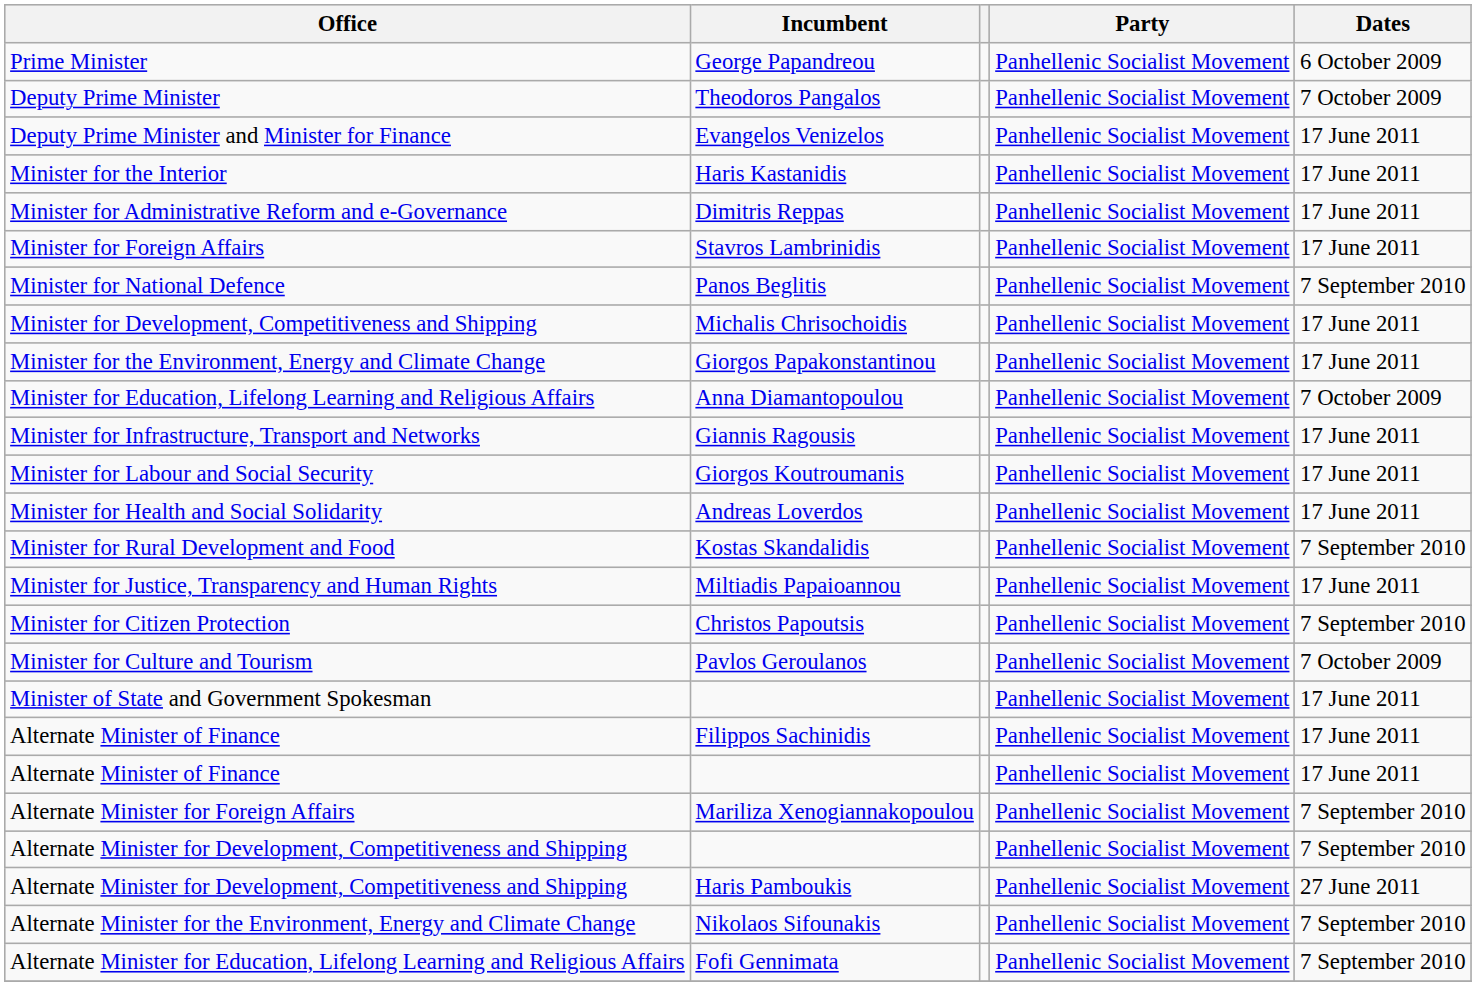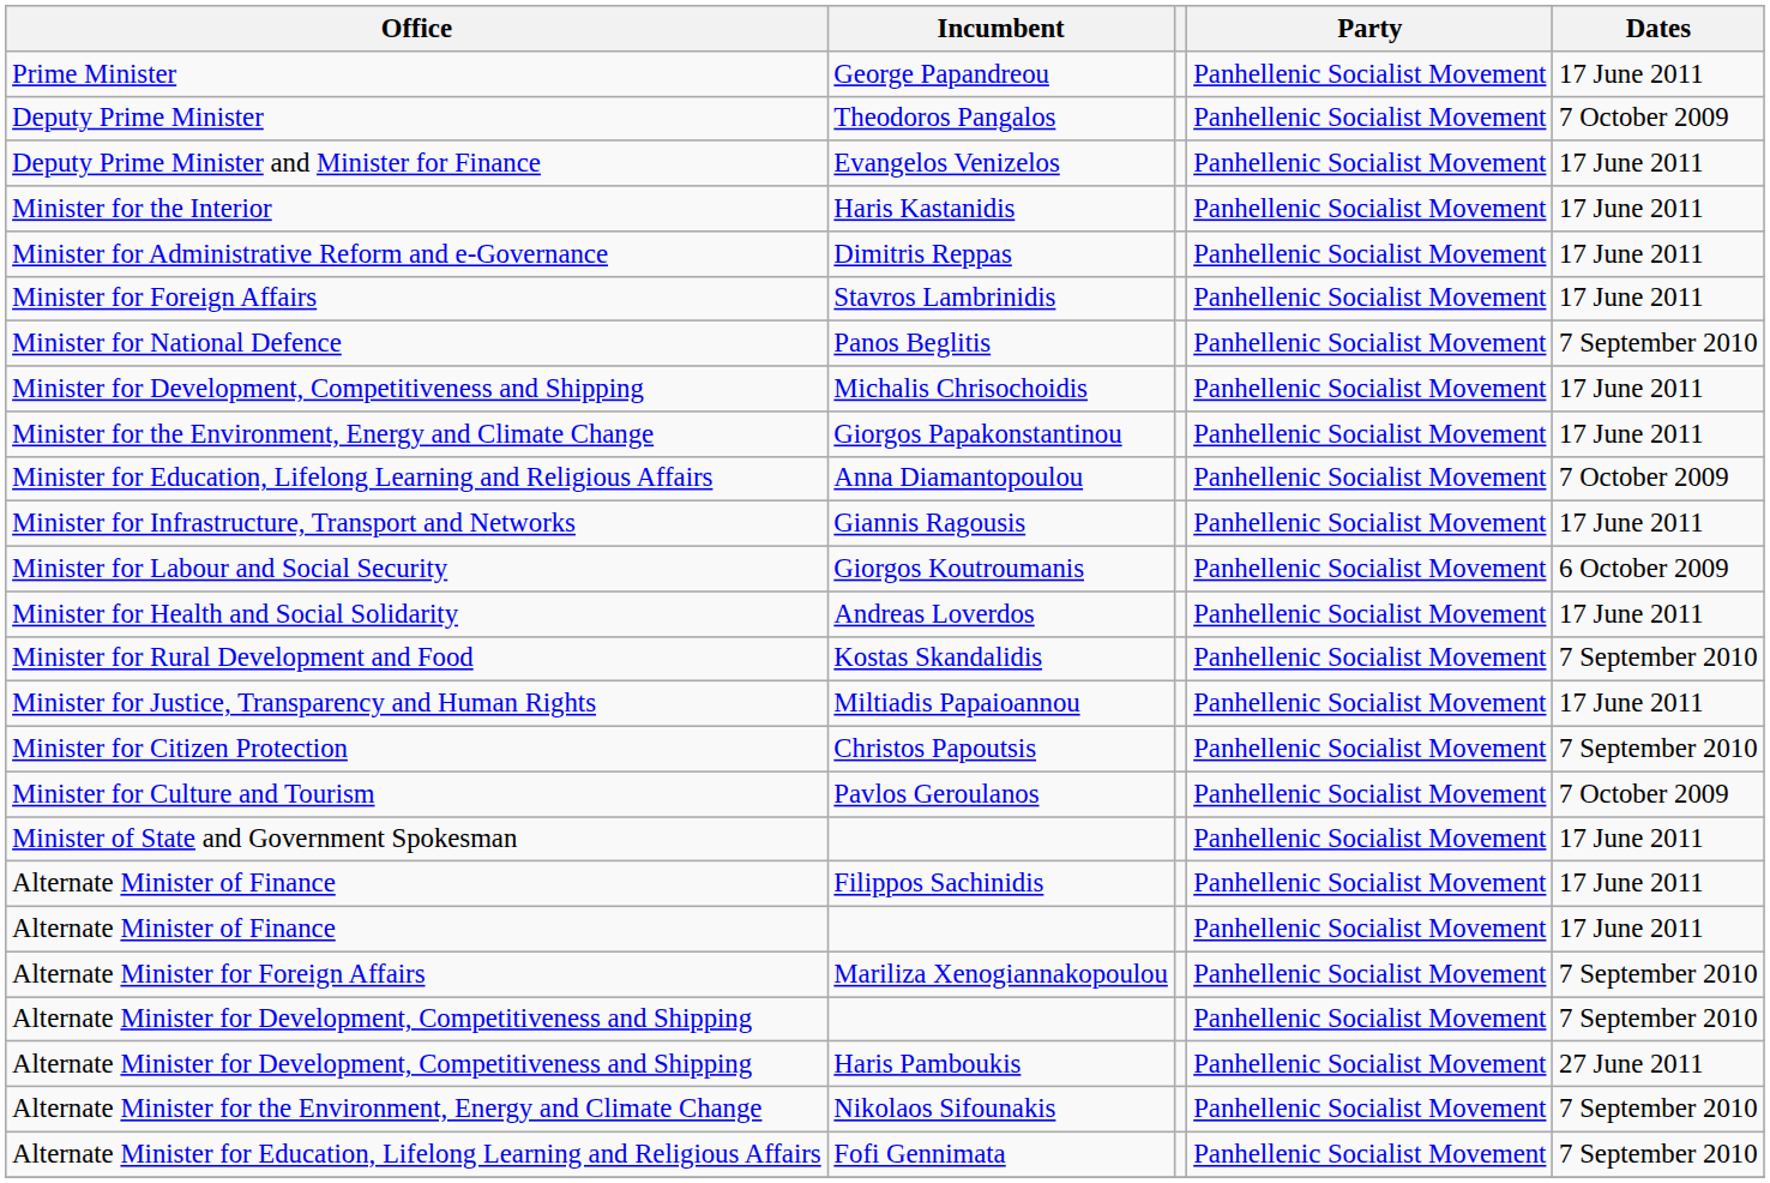 <table class="wikitable" style="font-size: 90%;">
 <tr>
 <th>Office</th>
 <th>Incumbent</th>
 <th></th>
 <th>Party</th>
 <th>Dates</th>
 </tr>
 <tr>
 <td><a href='#'>Prime Minister</a></td>
 <td><a href='#'>George Papandreou</a></td>
 <td style="background-color: "></td>
 <td><a href='#'>Panhellenic Socialist Movement</a></td>
-<td>6 October 2009</td>
+<td>17 June 2011</td>
 </tr>
 <tr>
 <td><a href='#'>Deputy Prime Minister</a></td>
 <td><a href='#'>Theodoros Pangalos</a></td>
 <td style="background-color: "></td>
 <td><a href='#'>Panhellenic Socialist Movement</a></td>
 <td>7 October 2009</td>
 </tr>
 <tr>
 <td><a href='#'>Deputy Prime Minister</a> and <a href='#'>Minister for Finance</a></td>
 <td><a href='#'>Evangelos Venizelos</a></td>
 <td style="background-color: "></td>
 <td><a href='#'>Panhellenic Socialist Movement</a></td>
 <td>17 June 2011</td>
 </tr>
 <tr>
 <td><a href='#'>Minister for the Interior</a></td>
 <td><a href='#'>Haris Kastanidis</a></td>
 <td style="background-color: "></td>
 <td><a href='#'>Panhellenic Socialist Movement</a></td>
 <td>17 June 2011</td>
 </tr>
 <tr>
 <td><a href='#'>Minister for Administrative Reform and e-Governance</a></td>
 <td><a href='#'>Dimitris Reppas</a></td>
 <td style="background-color: "></td>
 <td><a href='#'>Panhellenic Socialist Movement</a></td>
 <td>17 June 2011</td>
 </tr>
 <tr>
 <td><a href='#'>Minister for Foreign Affairs</a></td>
 <td><a href='#'>Stavros Lambrinidis</a></td>
 <td style="background-color: "></td>
 <td><a href='#'>Panhellenic Socialist Movement</a></td>
 <td>17 June 2011</td>
 </tr>
 <tr>
 <td><a href='#'>Minister for National Defence</a></td>
 <td><a href='#'>Panos Beglitis</a></td>
 <td style="background-color: "></td>
 <td><a href='#'>Panhellenic Socialist Movement</a></td>
 <td>7 September 2010</td>
 </tr>
 <tr>
 <td><a href='#'>Minister for Development, Competitiveness and Shipping</a></td>
 <td><a href='#'>Michalis Chrisochoidis</a></td>
 <td style="background-color: "></td>
 <td><a href='#'>Panhellenic Socialist Movement</a></td>
 <td>17 June 2011</td>
 </tr>
 <tr>
 <td><a href='#'>Minister for the Environment, Energy and Climate Change</a></td>
 <td><a href='#'>Giorgos Papakonstantinou</a></td>
 <td style="background-color: "></td>
 <td><a href='#'>Panhellenic Socialist Movement</a></td>
 <td>17 June 2011</td>
 </tr>
 <tr>
 <td><a href='#'>Minister for Education, Lifelong Learning and Religious Affairs</a></td>
 <td><a href='#'>Anna Diamantopoulou</a></td>
 <td style="background-color: "></td>
 <td><a href='#'>Panhellenic Socialist Movement</a></td>
 <td>7 October 2009</td>
 </tr>
 <tr>
 <td><a href='#'>Minister for Infrastructure, Transport and Networks</a></td>
 <td><a href='#'>Giannis Ragousis</a></td>
 <td style="background-color: "></td>
 <td><a href='#'>Panhellenic Socialist Movement</a></td>
 <td>17 June 2011</td>
 </tr>
 <tr>
 <td><a href='#'>Minister for Labour and Social Security</a></td>
 <td><a href='#'>Giorgos Koutroumanis</a></td>
 <td style="background-color: "></td>
 <td><a href='#'>Panhellenic Socialist Movement</a></td>
-<td>17 June 2011</td>
+<td>6 October 2009</td>
 </tr>
 <tr>
 <td><a href='#'>Minister for Health and Social Solidarity</a></td>
 <td><a href='#'>Andreas Loverdos</a></td>
 <td style="background-color: "></td>
 <td><a href='#'>Panhellenic Socialist Movement</a></td>
 <td>17 June 2011</td>
 </tr>
 <tr>
 <td><a href='#'>Minister for Rural Development and Food</a></td>
 <td><a href='#'>Kostas Skandalidis</a></td>
 <td style="background-color: "></td>
 <td><a href='#'>Panhellenic Socialist Movement</a></td>
 <td>7 September 2010</td>
 </tr>
 <tr>
 <td><a href='#'>Minister for Justice, Transparency and Human Rights</a></td>
 <td><a href='#'>Miltiadis Papaioannou</a></td>
 <td style="background-color: "></td>
 <td><a href='#'>Panhellenic Socialist Movement</a></td>
 <td>17 June 2011</td>
 </tr>
 <tr>
 <td><a href='#'>Minister for Citizen Protection</a></td>
 <td><a href='#'>Christos Papoutsis</a></td>
 <td style="background-color: "></td>
 <td><a href='#'>Panhellenic Socialist Movement</a></td>
 <td>7 September 2010</td>
 </tr>
 <tr>
 <td><a href='#'>Minister for Culture and Tourism</a></td>
 <td><a href='#'>Pavlos Geroulanos</a></td>
 <td style="background-color: "></td>
 <td><a href='#'>Panhellenic Socialist Movement</a></td>
 <td>7 October 2009</td>
 </tr>
 <tr>
 <td><a href='#'>Minister of State</a> and Government Spokesman</td>
 <td></td>
 <td style="background-color: "></td>
 <td><a href='#'>Panhellenic Socialist Movement</a></td>
 <td>17 June 2011</td>
 </tr>
 <tr>
 <td>Alternate <a href='#'>Minister of Finance</a></td>
 <td><a href='#'>Filippos Sachinidis</a></td>
 <td style="background-color: "></td>
 <td><a href='#'>Panhellenic Socialist Movement</a></td>
 <td>17 June 2011</td>
 </tr>
 <tr>
 <td>Alternate <a href='#'>Minister of Finance</a></td>
 <td></td>
 <td style="background-color: "></td>
 <td><a href='#'>Panhellenic Socialist Movement</a></td>
 <td>17 June 2011</td>
 </tr>
 <tr>
 <td>Alternate <a href='#'>Minister for Foreign Affairs</a></td>
 <td><a href='#'>Mariliza Xenogiannakopoulou</a></td>
 <td style="background-color: "></td>
 <td><a href='#'>Panhellenic Socialist Movement</a></td>
 <td>7 September 2010</td>
 </tr>
 <tr>
 <td>Alternate <a href='#'>Minister for Development, Competitiveness and Shipping</a></td>
 <td></td>
 <td style="background-color: "></td>
 <td><a href='#'>Panhellenic Socialist Movement</a></td>
 <td>7 September 2010</td>
 </tr>
 <tr>
 <td>Alternate <a href='#'>Minister for Development, Competitiveness and Shipping</a></td>
 <td><a href='#'>Haris Pamboukis</a></td>
 <td style="background-color: "></td>
 <td><a href='#'>Panhellenic Socialist Movement</a></td>
 <td>27 June 2011</td>
 </tr>
 <tr>
 <td>Alternate <a href='#'>Minister for the Environment, Energy and Climate Change</a></td>
 <td><a href='#'>Nikolaos Sifounakis</a></td>
 <td style="background-color: "></td>
 <td><a href='#'>Panhellenic Socialist Movement</a></td>
 <td>7 September 2010</td>
 </tr>
 <tr>
 <td>Alternate <a href='#'>Minister for Education, Lifelong Learning and Religious Affairs</a></td>
 <td><a href='#'>Fofi Gennimata</a></td>
 <td style="background-color: "></td>
 <td><a href='#'>Panhellenic Socialist Movement</a></td>
 <td>7 September 2010</td>
 </tr>
 <tr>
 </tr>
 </table>
